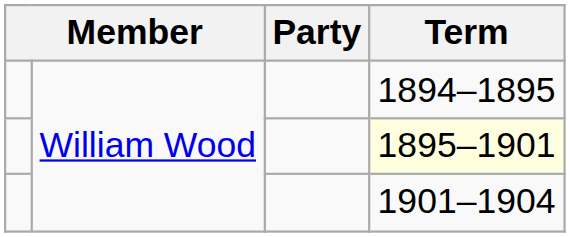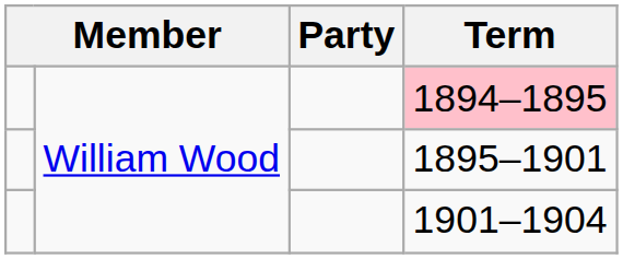 <table class="wikitable">
 <tr>
 <th colspan="2">Member</th>
 <th>Party</th>
 <th>Term</th>
 </tr>
 <tr>
 <td> </td>
 <td rowspan="3"><a href='#'>William Wood</a></td>
 <td></td>
-<td>1894–1895</td>
+<td style="background: pink;">1894–1895</td>
 </tr>
 <tr>
 <td> </td>
 <td></td>
-<td style="background: lightyellow;">1895–1901</td>
+<td>1895–1901</td>
 </tr>
 <tr>
 <td> </td>
 <td></td>
 <td>1901–1904</td>
 </tr>
 </table>
